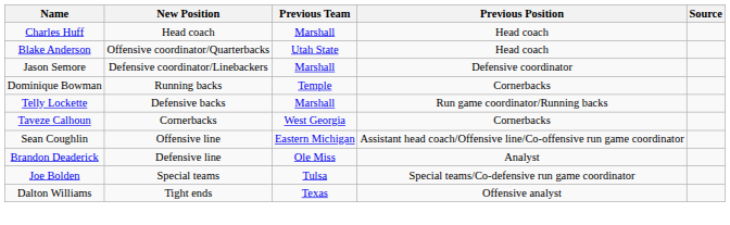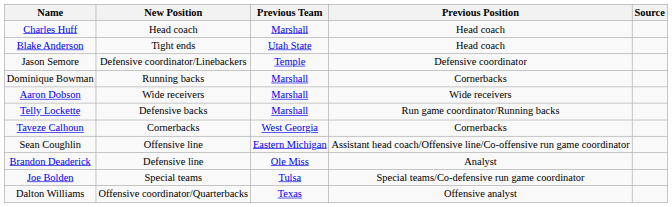 <table class="wikitable">
 <tr>
 <th style="text-align:center; ">Name</th>
 <th style="text-align:center; ">New Position</th>
 <th style="text-align:center; ">Previous Team</th>
 <th style="text-align:center; ">Previous Position</th>
 <th style="text-align:center; ">Source</th>
 </tr>
 <tr align="center">
 <td><a href='#'>Charles Huff</a></td>
 <td>Head coach</td>
 <td><a href='#'>Marshall</a></td>
 <td>Head coach</td>
 <td></td>
 </tr>
 <tr align="center">
 <td><a href='#'>Blake Anderson</a></td>
-<td>Offensive coordinator/Quarterbacks</td>
+<td>Tight ends</td>
 <td><a href='#'>Utah State</a></td>
 <td>Head coach</td>
 <td></td>
 </tr>
 <tr align="center">
 <td>Jason Semore</td>
 <td>Defensive coordinator/Linebackers</td>
-<td><a href='#'>Marshall</a></td>
+<td><a href='#'>Temple</a></td>
 <td>Defensive coordinator</td>
 <td></td>
 </tr>
 <tr align="center">
 <td>Dominique Bowman</td>
 <td>Running backs</td>
-<td><a href='#'>Temple</a></td>
+<td><a href='#'>Marshall</a></td>
 <td>Cornerbacks</td>
+<td></td>
+</tr>
+<tr align="center">
+<td><a href='#'>Aaron Dobson</a></td>
+<td>Wide receivers</td>
+<td><a href='#'>Marshall</a></td>
+<td>Wide receivers</td>
 <td></td>
 </tr>
 <tr align="center">
 <td><a href='#'>Telly Lockette</a></td>
 <td>Defensive backs</td>
 <td><a href='#'>Marshall</a></td>
 <td>Run game coordinator/Running backs</td>
 <td></td>
 </tr>
 <tr align="center">
 <td><a href='#'>Taveze Calhoun</a></td>
 <td>Cornerbacks</td>
 <td><a href='#'>West Georgia</a></td>
 <td>Cornerbacks</td>
 <td></td>
 </tr>
 <tr align="center">
 <td>Sean Coughlin</td>
 <td>Offensive line</td>
 <td><a href='#'>Eastern Michigan</a></td>
 <td>Assistant head coach/Offensive line/Co-offensive run game coordinator</td>
 <td></td>
 </tr>
 <tr align="center">
 <td><a href='#'>Brandon Deaderick</a></td>
 <td>Defensive line</td>
 <td><a href='#'>Ole Miss</a></td>
 <td>Analyst</td>
 <td></td>
 </tr>
 <tr align="center">
 <td><a href='#'>Joe Bolden</a></td>
 <td>Special teams</td>
 <td><a href='#'>Tulsa</a></td>
 <td>Special teams/Co-defensive run game coordinator</td>
 <td></td>
 </tr>
 <tr align="center">
 <td>Dalton Williams</td>
-<td>Tight ends</td>
+<td>Offensive coordinator/Quarterbacks</td>
 <td><a href='#'>Texas</a></td>
 <td>Offensive analyst</td>
 <td></td>
 </tr>
 </table>
